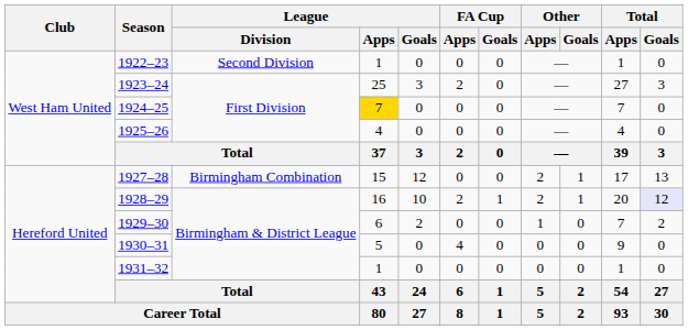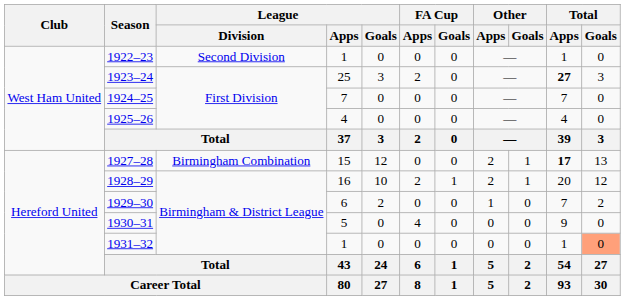 <table class="wikitable" style="text-align: center;">
 <tr>
 <th rowspan="2">Club</th>
 <th rowspan="2">Season</th>
 <th colspan="3">League</th>
 <th colspan="2">FA Cup</th>
 <th colspan="2">Other</th>
 <th colspan="2">Total</th>
 </tr>
 <tr>
 <th>Division</th>
 <th>Apps</th>
 <th>Goals</th>
 <th>Apps</th>
 <th>Goals</th>
 <th>Apps</th>
 <th>Goals</th>
 <th>Apps</th>
 <th>Goals</th>
 </tr>
 <tr>
 <td rowspan="5"><a href='#'>West Ham United</a></td>
 <td><a href='#'>1922–23</a></td>
 <td><a href='#'>Second Division</a></td>
 <td>1</td>
 <td>0</td>
 <td>0</td>
 <td>0</td>
 <td colspan="2">—</td>
 <td>1</td>
 <td>0</td>
 </tr>
 <tr>
 <td><a href='#'>1923–24</a></td>
 <td rowspan="3"><a href='#'>First Division</a></td>
 <td>25</td>
 <td>3</td>
 <td>2</td>
 <td>0</td>
 <td colspan="2">—</td>
-<td>27</td>
+<td><strong>27</strong></td>
 <td>3</td>
 </tr>
 <tr>
 <td><a href='#'>1924–25</a></td>
-<td style="background: gold;">7</td>
+<td>7</td>
 <td>0</td>
 <td>0</td>
 <td>0</td>
 <td colspan="2">—</td>
 <td>7</td>
 <td>0</td>
 </tr>
 <tr>
 <td><a href='#'>1925–26</a></td>
 <td>4</td>
 <td>0</td>
 <td>0</td>
 <td>0</td>
 <td colspan="2">—</td>
 <td>4</td>
 <td>0</td>
 </tr>
 <tr>
 <th colspan="2">Total</th>
 <th>37</th>
 <th>3</th>
 <th>2</th>
 <th>0</th>
 <th colspan="2">—</th>
 <th>39</th>
 <th>3</th>
 </tr>
 <tr>
 <td rowspan="6"><a href='#'>Hereford United</a></td>
 <td><a href='#'>1927–28</a></td>
 <td><a href='#'>Birmingham Combination</a></td>
 <td>15</td>
 <td>12</td>
 <td>0</td>
 <td>0</td>
 <td>2</td>
 <td>1</td>
-<td>17</td>
+<td><strong>17</strong></td>
 <td>13</td>
 </tr>
 <tr>
 <td><a href='#'>1928–29</a></td>
 <td rowspan="4"><a href='#'>Birmingham & District League</a></td>
 <td>16</td>
 <td>10</td>
 <td>2</td>
 <td>1</td>
 <td>2</td>
 <td>1</td>
 <td>20</td>
-<td style="background: lavender;">12</td>
+<td>12</td>
 </tr>
 <tr>
 <td><a href='#'>1929–30</a></td>
 <td>6</td>
 <td>2</td>
 <td>0</td>
 <td>0</td>
 <td>1</td>
 <td>0</td>
 <td>7</td>
 <td>2</td>
 </tr>
 <tr>
 <td><a href='#'>1930–31</a></td>
 <td>5</td>
 <td>0</td>
 <td>4</td>
 <td>0</td>
 <td>0</td>
 <td>0</td>
 <td>9</td>
 <td>0</td>
 </tr>
 <tr>
 <td><a href='#'>1931–32</a></td>
 <td>1</td>
 <td>0</td>
 <td>0</td>
 <td>0</td>
 <td>0</td>
 <td>0</td>
 <td>1</td>
-<td>0</td>
+<td style="background: lightsalmon;">0</td>
 </tr>
 <tr>
 <th colspan="2">Total</th>
 <th>43</th>
 <th>24</th>
 <th>6</th>
 <th>1</th>
 <th>5</th>
 <th>2</th>
 <th>54</th>
 <th>27</th>
 </tr>
 <tr>
 <th colspan="3">Career Total</th>
 <th>80</th>
 <th>27</th>
 <th>8</th>
 <th>1</th>
 <th>5</th>
 <th>2</th>
 <th>93</th>
 <th>30</th>
 </tr>
 </table>
